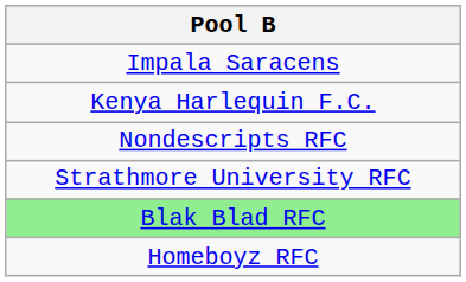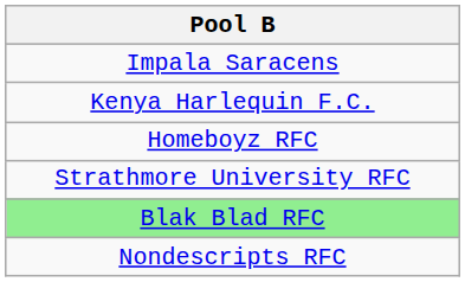 <table class="wikitable" width="250" style="text-align: center;">
 <tr>
 <th>Pool B</th>
 </tr>
 <tr>
 <td><a href='#'>Impala Saracens</a></td>
 </tr>
 <tr>
 <td><a href='#'>Kenya Harlequin F.C.</a></td>
 </tr>
 <tr>
-<td><a href='#'>Nondescripts RFC</a></td>
+<td><a href='#'>Homeboyz RFC</a></td>
 </tr>
 <tr>
 <td><a href='#'>Strathmore University RFC</a></td>
 </tr>
 <tr>
 <td style="background: lightgreen;"><a href='#'>Blak Blad RFC</a></td>
 </tr>
 <tr>
-<td><a href='#'>Homeboyz RFC</a></td>
+<td><a href='#'>Nondescripts RFC</a></td>
 </tr>
 </table>
